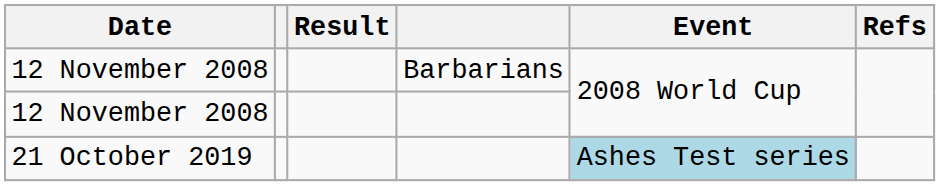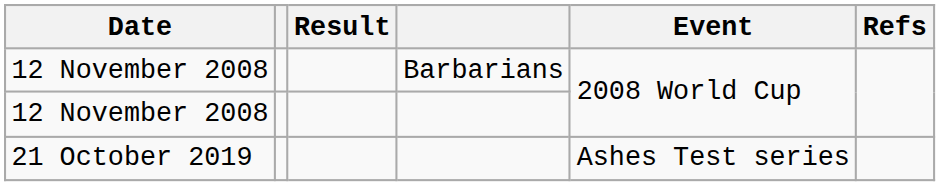 <table class="wikitable defaultcenter col2right col4left">
 <tr>
 <th>Date</th>
 <th></th>
 <th>Result</th>
 <th></th>
 <th>Event</th>
 <th>Refs</th>
 </tr>
 <tr>
 <td>12 November 2008</td>
 <td></td>
 <td></td>
 <td>Barbarians</td>
 <td rowspan=2>2008 World Cup</td>
 <td rowspan=2></td>
 </tr>
 <tr>
 <td>12 November 2008</td>
 <td></td>
 <td></td>
 <td></td>
 </tr>
 <tr>
 <td rowspan=2>21 October 2019</td>
 <td></td>
 <td></td>
 <td></td>
-<td style="background: lightblue;">Ashes Test series</td>
+<td>Ashes Test series</td>
 <td></td>
 </tr>
 </table>
